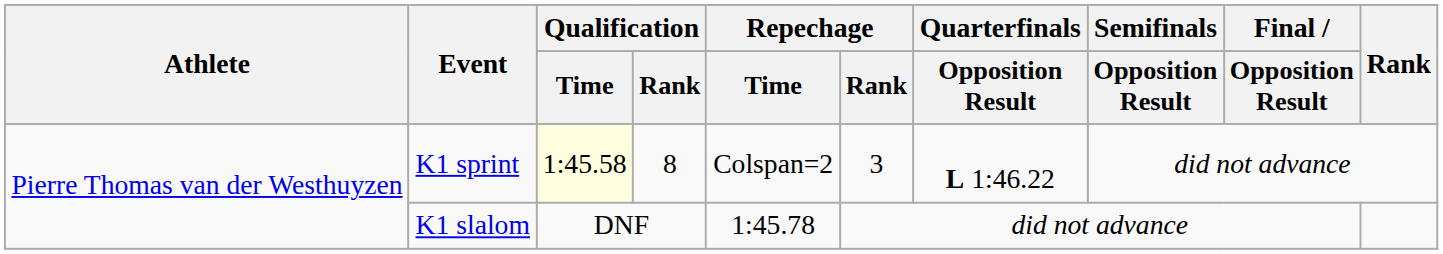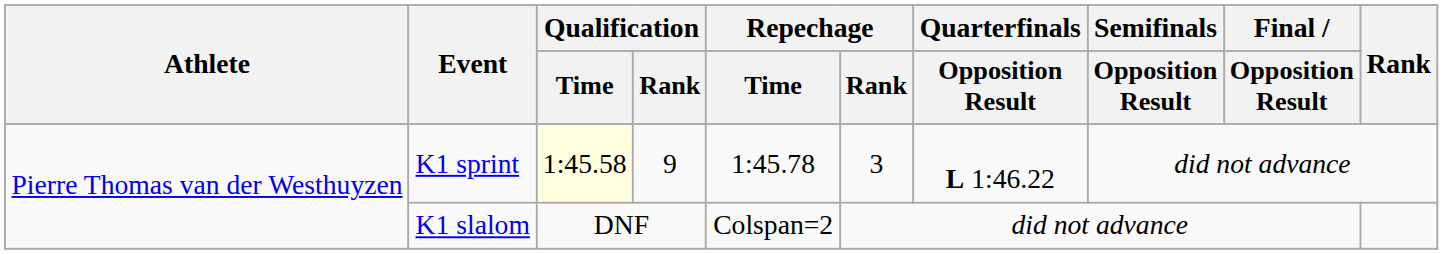 <table class="wikitable" style="font-size:90%">
 <tr>
 <th rowspan=2>Athlete</th>
 <th rowspan=2>Event</th>
 <th colspan=2>Qualification</th>
 <th colspan=2>Repechage</th>
 <th>Quarterfinals</th>
 <th>Semifinals</th>
 <th>Final / </th>
 <th rowspan=2>Rank</th>
 </tr>
 <tr style="font-size:95%">
 <th>Time</th>
 <th>Rank</th>
 <th>Time</th>
 <th>Rank</th>
 <th>Opposition <br>Result</th>
 <th>Opposition <br>Result</th>
 <th>Opposition <br>Result</th>
 </tr>
 <tr align=center>
 <td align=left rowspan=2><a href='#'>Pierre Thomas van der Westhuyzen</a></td>
 <td align=left><a href='#'>K1 sprint</a></td>
 <td style="background: lightyellow;">1:45.58</td>
-<td>8</td>
-<td>Colspan=2 </td>
+<td>9</td>
+<td>1:45.78</td>
 <td>3</td>
 <td><br> <strong>L</strong> 1:46.22</td>
 <td Colspan=3><em>did not advance</em></td>
 </tr>
 <tr align=center>
 <td align=left><a href='#'>K1 slalom</a></td>
 <td Colspan=2>DNF</td>
-<td>1:45.78</td>
+<td>Colspan=2 </td>
 <td Colspan=4><em>did not advance</em></td>
 </tr>
 </table>
